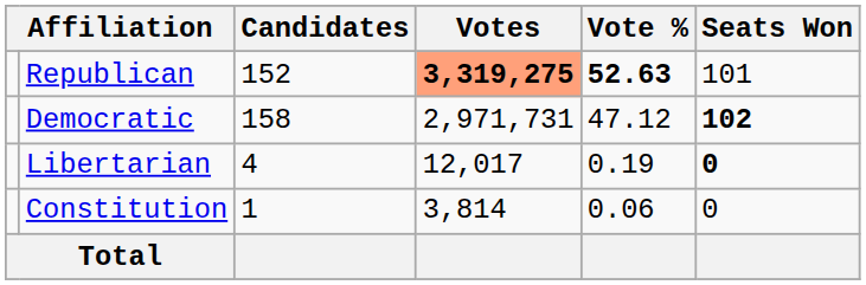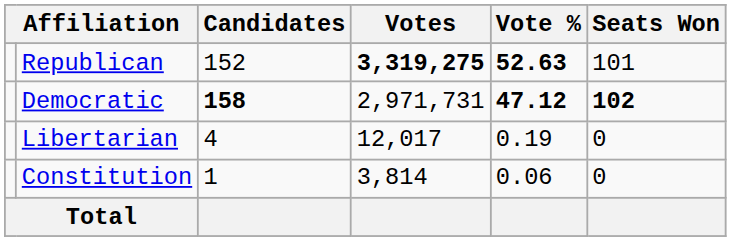 <table class="wikitable">
 <tr>
 <th colspan="2">Affiliation</th>
 <th>Candidates</th>
 <th>Votes</th>
 <th>Vote %</th>
 <th>Seats Won</th>
 </tr>
 <tr>
 <td style="background-color:"></td>
 <td><a href='#'>Republican</a></td>
 <td>152</td>
-<td style="background: lightsalmon;"><strong>3,319,275</strong></td>
+<td><strong>3,319,275</strong></td>
 <td><strong>52.63</strong></td>
 <td>101</td>
 </tr>
 <tr>
 <td style="background-color:"></td>
 <td><a href='#'>Democratic</a></td>
-<td>158</td>
+<td><strong>158</strong></td>
 <td>2,971,731</td>
-<td>47.12</td>
+<td><strong>47.12</strong></td>
 <td><strong>102</strong></td>
 </tr>
 <tr>
 <td style="background-color:"></td>
 <td><a href='#'>Libertarian</a></td>
 <td>4</td>
 <td>12,017</td>
 <td>0.19</td>
-<td><strong>0</strong></td>
+<td>0</td>
 </tr>
 <tr>
 <td style="background-color:"></td>
 <td><a href='#'>Constitution</a></td>
 <td>1</td>
 <td>3,814</td>
 <td>0.06</td>
 <td>0</td>
 </tr>
 <tr>
 <th colspan="2">Total</th>
 <th></th>
 <th></th>
 <th></th>
 <th></th>
 </tr>
 </table>
